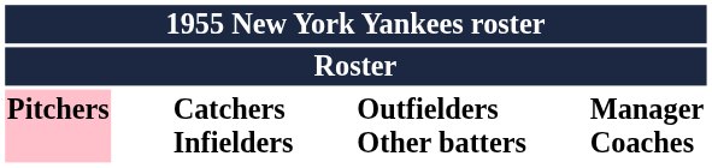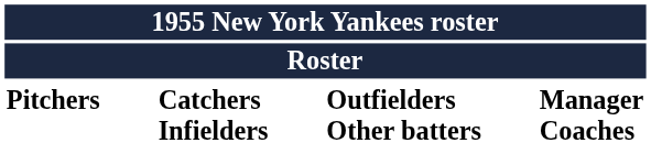 <table class="toccolours" style="font-size: 95%;">
 <tr>
 <th colspan="10" style="background-color: #1c2841; color: white; text-align: center;">1955 New York Yankees roster</th>
 </tr>
 <tr>
 <td colspan="10" style="background-color: #1c2841; color: white; text-align: center;"><strong>Roster</strong></td>
 </tr>
 <tr>
-<td valign="top" style="background: pink;"><strong>Pitchers</strong><br>               </td>
+<td valign="top"><strong>Pitchers</strong><br>               </td>
 <td width="25px"></td>
 <td valign="top"><strong>Catchers</strong><br>    <strong>Infielders</strong>             </td>
 <td width="25px"></td>
 <td valign="top"><strong>Outfielders</strong><br>      <strong>Other batters</strong> </td>
 <td width="25px"></td>
 <td valign="top"><strong>Manager</strong><br> <strong>Coaches</strong>   </td>
 </tr>
 </table>
